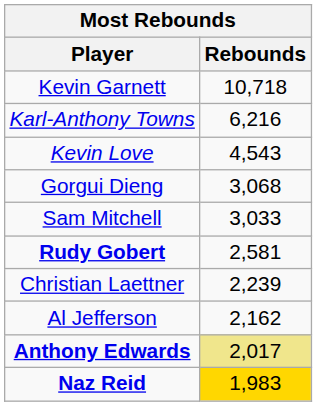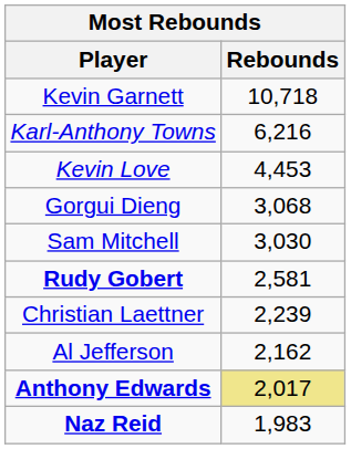 <table class="wikitable sortable" style="text-align:center">
 <tr>
 <th colspan="2" style="text-align:center; ">Most Rebounds</th>
 </tr>
 <tr>
 <th style="text-align:center; ">Player</th>
 <th style="text-align:center; ">Rebounds</th>
 </tr>
 <tr>
 <td><a href='#'>Kevin Garnett</a></td>
 <td>10,718</td>
 </tr>
 <tr>
 <td><em><a href='#'>Karl-Anthony Towns</a></em></td>
 <td>6,216</td>
 </tr>
 <tr>
 <td><em><a href='#'>Kevin Love</a></em></td>
-<td>4,543</td>
+<td>4,453</td>
 </tr>
 <tr>
 <td><a href='#'>Gorgui Dieng</a></td>
 <td>3,068</td>
 </tr>
 <tr>
 <td><a href='#'>Sam Mitchell</a></td>
-<td>3,033</td>
+<td>3,030</td>
 </tr>
 <tr>
 <td><strong><a href='#'>Rudy Gobert</a></strong></td>
 <td>2,581</td>
 </tr>
 <tr>
 <td><a href='#'>Christian Laettner</a></td>
 <td>2,239</td>
 </tr>
 <tr>
 <td><a href='#'>Al Jefferson</a></td>
 <td>2,162</td>
 </tr>
 <tr>
 <td><strong><a href='#'>Anthony Edwards</a></strong></td>
 <td style="background: khaki;">2,017</td>
 </tr>
 <tr>
 <td><strong><a href='#'>Naz Reid</a></strong></td>
-<td style="background: gold;">1,983</td>
+<td>1,983</td>
 </tr>
 </table>
